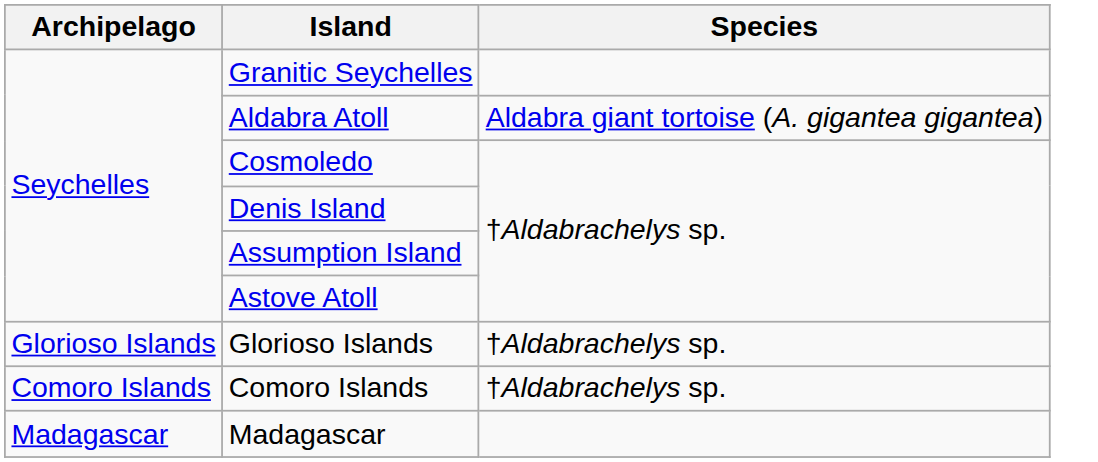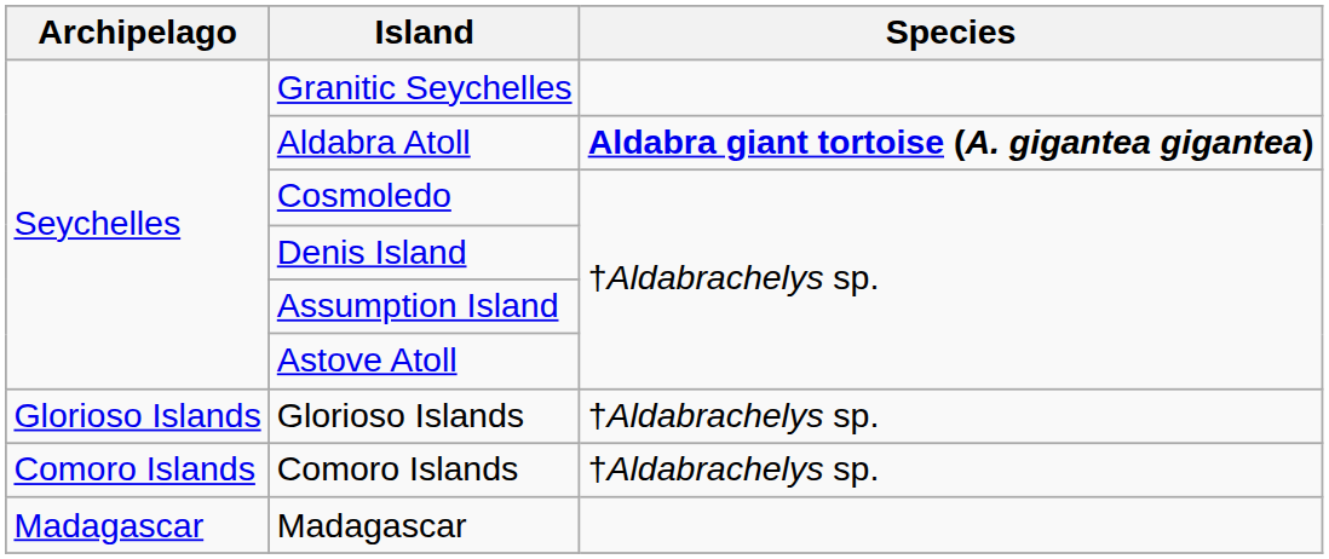 <table class="wikitable">
 <tr>
 <th>Archipelago</th>
 <th>Island</th>
 <th>Species</th>
 </tr>
 <tr>
 <td rowspan="6"><a href='#'>Seychelles</a></td>
 <td><a href='#'>Granitic Seychelles</a></td>
 <td></td>
 </tr>
 <tr>
 <td><a href='#'>Aldabra Atoll</a></td>
-<td><a href='#'>Aldabra giant tortoise</a> (<em>A. gigantea gigantea</em>)</td>
+<td><strong><a href='#'>Aldabra giant tortoise</a> (<em>A. gigantea gigantea</em>)</strong></td>
 </tr>
 <tr>
 <td><a href='#'>Cosmoledo</a></td>
 <td rowspan="4">†<em>Aldabrachelys</em> sp.</td>
 </tr>
 <tr>
 <td><a href='#'>Denis Island</a></td>
 </tr>
 <tr>
 <td><a href='#'>Assumption Island</a></td>
 </tr>
 <tr>
 <td><a href='#'>Astove Atoll</a></td>
 </tr>
 <tr>
 <td><a href='#'>Glorioso Islands</a></td>
 <td>Glorioso Islands</td>
 <td>†<em>Aldabrachelys</em> sp.</td>
 </tr>
 <tr>
 <td><a href='#'>Comoro Islands</a></td>
 <td>Comoro Islands</td>
 <td>†<em>Aldabrachelys</em> sp.</td>
 </tr>
 <tr>
 <td><a href='#'>Madagascar</a></td>
 <td>Madagascar</td>
 <td></td>
 </tr>
 </table>
